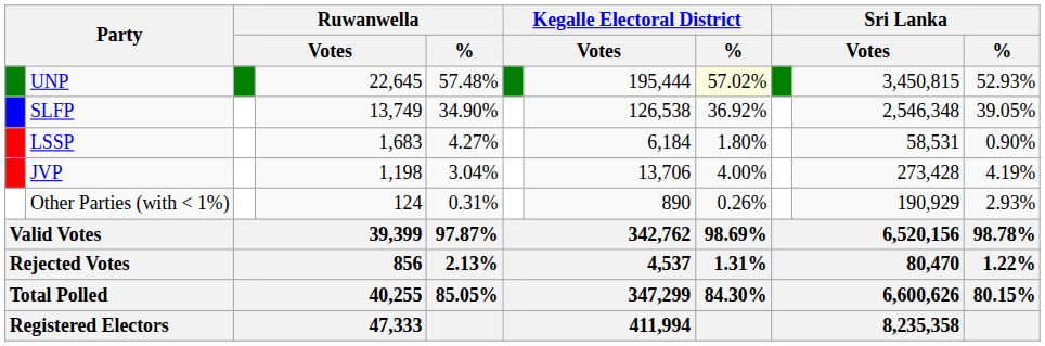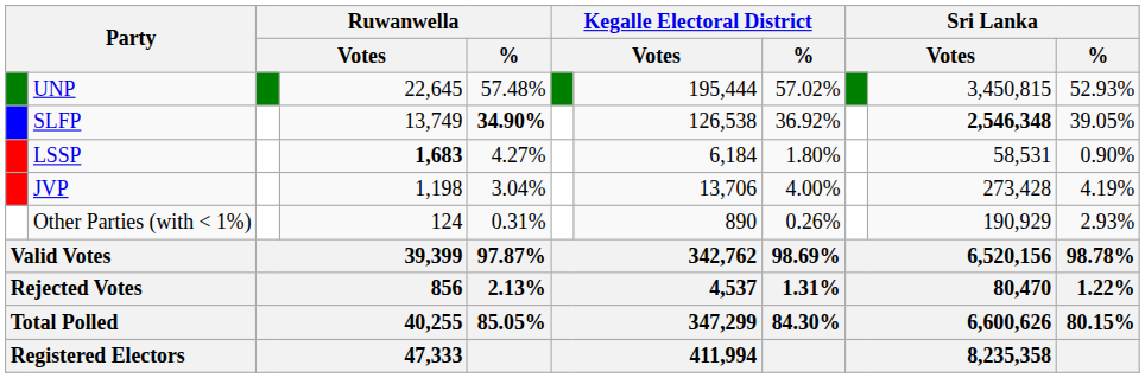 <table class="wikitable">
 <tr>
 <th colspan="2" width="144px"rowspan="2">Party</th>
 <th colspan="3" width="216px">Ruwanwella</th>
 <th colspan="3" width="216px"><a href='#'>Kegalle Electoral District</a></th>
 <th colspan="3" width="216px">Sri Lanka</th>
 </tr>
 <tr>
 <th colspan="2" width="144px">Votes</th>
 <th>%</th>
 <th colspan="2" width="144px">Votes</th>
 <th>%</th>
 <th colspan="2" width="144px">Votes</th>
 <th>%</th>
 </tr>
 <tr>
 <td style="background-color:green;" width="10px"></td>
 <td style="text-align:left;"><a href='#'>UNP</a></td>
 <td style="background-color:green;" width="10px"></td>
 <td style="text-align:right;">22,645</td>
 <td style="text-align:right;">57.48%</td>
 <td style="background-color:green;" width="10px"></td>
 <td style="text-align:right;">195,444</td>
-<td style="background: lightyellow; text-align:right;">57.02%</td>
+<td style="text-align:right;">57.02%</td>
 <td style="background-color:green;" width="10px"></td>
 <td style="text-align:right;">3,450,815</td>
 <td style="text-align:right;">52.93%</td>
 </tr>
 <tr>
 <td style="background-color:blue;" width="10px"></td>
 <td style="text-align:left;"><a href='#'>SLFP</a></td>
 <td style="background-color:white;" width="10px"></td>
 <td style="text-align:right;">13,749</td>
-<td style="text-align:right;">34.90%</td>
+<td style="text-align:right;"><strong>34.90%</strong></td>
 <td style="background-color:white;" width="10px"></td>
 <td style="text-align:right;">126,538</td>
 <td style="text-align:right;">36.92%</td>
 <td style="background-color:white;" width="10px"></td>
-<td style="text-align:right;">2,546,348</td>
+<td style="text-align:right;"><strong>2,546,348</strong></td>
 <td style="text-align:right;">39.05%</td>
 </tr>
 <tr>
 <td style="background-color:red;" width="10px"></td>
 <td style="text-align:left;"><a href='#'>LSSP</a></td>
 <td style="background-color:white;" width="10px"></td>
-<td style="text-align:right;">1,683</td>
+<td style="text-align:right;"><strong>1,683</strong></td>
 <td style="text-align:right;">4.27%</td>
 <td style="background-color:white;" width="10px"></td>
 <td style="text-align:right;">6,184</td>
 <td style="text-align:right;">1.80%</td>
 <td style="background-color:white;" width="10px"></td>
 <td style="text-align:right;">58,531</td>
 <td style="text-align:right;">0.90%</td>
 </tr>
 <tr>
 <td style="background-color:red;" width="10px"></td>
 <td style="text-align:left;"><a href='#'>JVP</a></td>
 <td style="background-color:white;" width="10px"></td>
 <td style="text-align:right;">1,198</td>
 <td style="text-align:right;">3.04%</td>
 <td style="background-color:white;" width="10px"></td>
 <td style="text-align:right;">13,706</td>
 <td style="text-align:right;">4.00%</td>
 <td style="background-color:white;" width="10px"></td>
 <td style="text-align:right;">273,428</td>
 <td style="text-align:right;">4.19%</td>
 </tr>
 <tr>
 <td style="background-color:white;" width="10px"></td>
 <td style="text-align:left;">Other Parties (with < 1%)</td>
 <td style="background-color:white;" width="10px"></td>
 <td style="text-align:right;">124</td>
 <td style="text-align:right;">0.31%</td>
 <td style="background-color:white;" width="10px"></td>
 <td style="text-align:right;">890</td>
 <td style="text-align:right;">0.26%</td>
 <td style="background-color:white;" width="10px"></td>
 <td style="text-align:right;">190,929</td>
 <td style="text-align:right;">2.93%</td>
 </tr>
 <tr>
 <th colspan="2" width="144px"style="text-align:left;">Valid Votes</th>
 <th style="text-align:right;"colspan="2" width="144px">39,399</th>
 <th style="text-align:right;">97.87%</th>
 <th style="text-align:right;"colspan="2" width="144px">342,762</th>
 <th style="text-align:right;">98.69%</th>
 <th style="text-align:right;"colspan="2" width="144px">6,520,156</th>
 <th style="text-align:right;">98.78%</th>
 </tr>
 <tr>
 <th colspan="2" width="144px"style="text-align:left;">Rejected Votes</th>
 <th style="text-align:right;"colspan="2" width="144px">856</th>
 <th style="text-align:right;">2.13%</th>
 <th style="text-align:right;"colspan="2" width="144px">4,537</th>
 <th style="text-align:right;">1.31%</th>
 <th style="text-align:right;"colspan="2" width="144px">80,470</th>
 <th style="text-align:right;">1.22%</th>
 </tr>
 <tr>
 <th colspan="2" width="144px"style="text-align:left;">Total Polled</th>
 <th style="text-align:right;"colspan="2" width="144px">40,255</th>
 <th style="text-align:right;">85.05%</th>
 <th style="text-align:right;"colspan="2" width="144px">347,299</th>
 <th style="text-align:right;">84.30%</th>
 <th style="text-align:right;"colspan="2" width="144px">6,600,626</th>
 <th style="text-align:right;">80.15%</th>
 </tr>
 <tr>
 <th colspan="2" width="144px"style="text-align:left;">Registered Electors</th>
 <th style="text-align:right;"colspan="2" width="144px">47,333</th>
 <th></th>
 <th style="text-align:right;"colspan="2" width="144px">411,994</th>
 <th></th>
 <th style="text-align:right;"colspan="2" width="144px">8,235,358</th>
 <th></th>
 </tr>
 </table>
